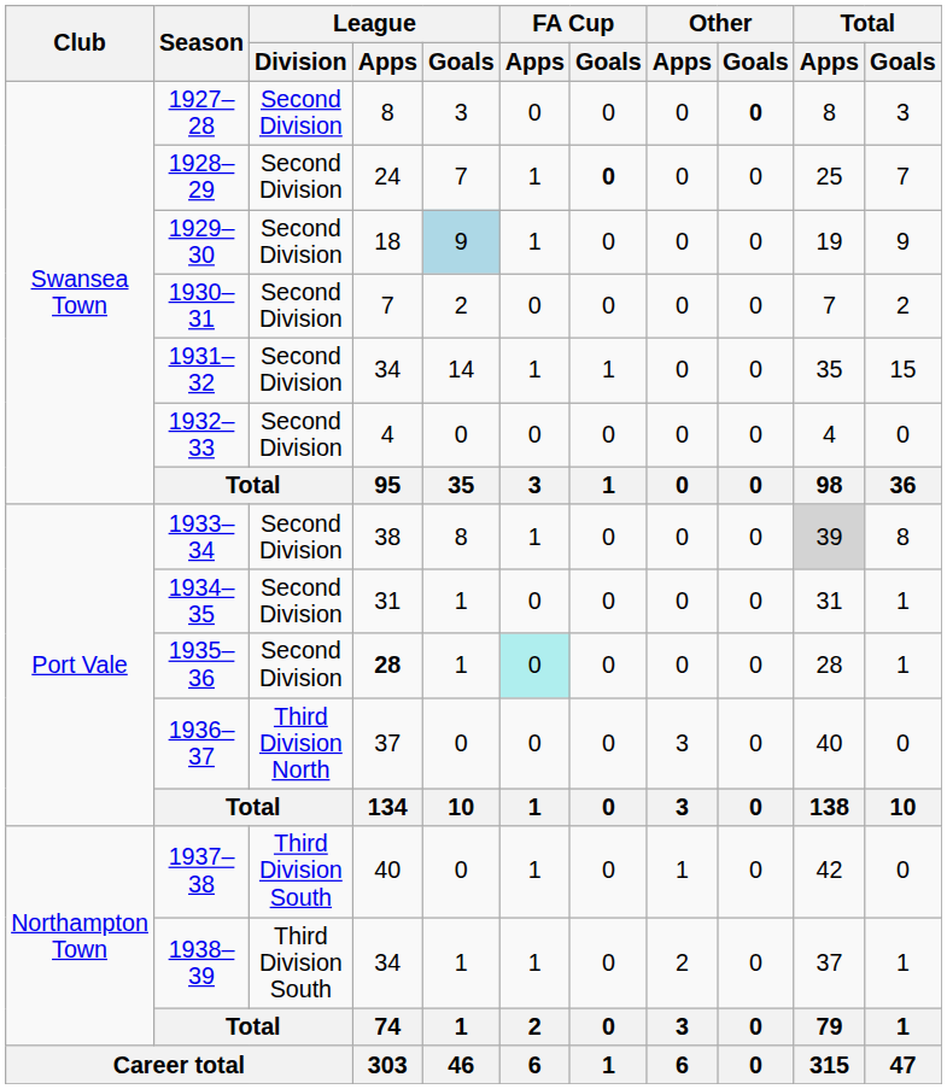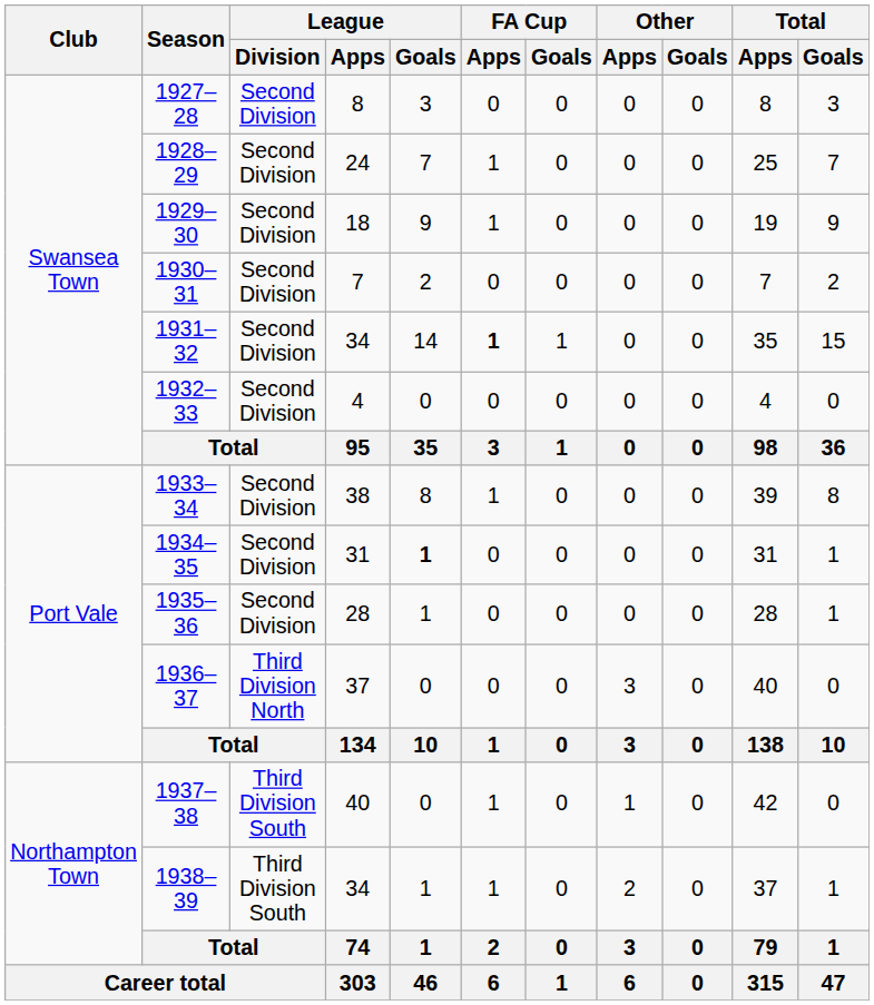 <table class="wikitable" style="text-align: center;">
 <tr>
 <th rowspan="2">Club</th>
 <th rowspan="2">Season</th>
 <th colspan="3">League</th>
 <th colspan="2">FA Cup</th>
 <th colspan="2">Other</th>
 <th colspan="2">Total</th>
 </tr>
 <tr>
 <th>Division</th>
 <th>Apps</th>
 <th>Goals</th>
 <th>Apps</th>
 <th>Goals</th>
 <th>Apps</th>
 <th>Goals</th>
 <th>Apps</th>
 <th>Goals</th>
 </tr>
 <tr>
 <td rowspan="7"><a href='#'>Swansea Town</a></td>
 <td><a href='#'>1927–28</a></td>
 <td><a href='#'>Second Division</a></td>
 <td>8</td>
 <td>3</td>
 <td>0</td>
 <td>0</td>
 <td>0</td>
-<td><strong>0</strong></td>
+<td>0</td>
 <td>8</td>
 <td>3</td>
 </tr>
 <tr>
 <td><a href='#'>1928–29</a></td>
 <td>Second Division</td>
 <td>24</td>
 <td>7</td>
 <td>1</td>
-<td><strong>0</strong></td>
+<td>0</td>
 <td>0</td>
 <td>0</td>
 <td>25</td>
 <td>7</td>
 </tr>
 <tr>
 <td><a href='#'>1929–30</a></td>
 <td>Second Division</td>
 <td>18</td>
-<td style="background: lightblue;">9</td>
+<td>9</td>
 <td>1</td>
 <td>0</td>
 <td>0</td>
 <td>0</td>
 <td>19</td>
 <td>9</td>
 </tr>
 <tr>
 <td><a href='#'>1930–31</a></td>
 <td>Second Division</td>
 <td>7</td>
 <td>2</td>
 <td>0</td>
 <td>0</td>
 <td>0</td>
 <td>0</td>
 <td>7</td>
 <td>2</td>
 </tr>
 <tr>
 <td><a href='#'>1931–32</a></td>
 <td>Second Division</td>
 <td>34</td>
 <td>14</td>
-<td>1</td>
+<td><strong>1</strong></td>
 <td>1</td>
 <td>0</td>
 <td>0</td>
 <td>35</td>
 <td>15</td>
 </tr>
 <tr>
 <td><a href='#'>1932–33</a></td>
 <td>Second Division</td>
 <td>4</td>
 <td>0</td>
 <td>0</td>
 <td>0</td>
 <td>0</td>
 <td>0</td>
 <td>4</td>
 <td>0</td>
 </tr>
 <tr>
 <th colspan="2">Total</th>
 <th>95</th>
 <th>35</th>
 <th>3</th>
 <th>1</th>
 <th>0</th>
 <th>0</th>
 <th>98</th>
 <th>36</th>
 </tr>
 <tr>
 <td rowspan="5"><a href='#'>Port Vale</a></td>
 <td><a href='#'>1933–34</a></td>
 <td>Second Division</td>
 <td>38</td>
 <td>8</td>
 <td>1</td>
 <td>0</td>
 <td>0</td>
 <td>0</td>
-<td style="background: lightgrey;">39</td>
+<td>39</td>
 <td>8</td>
 </tr>
 <tr>
 <td><a href='#'>1934–35</a></td>
 <td>Second Division</td>
 <td>31</td>
-<td>1</td>
+<td><strong>1</strong></td>
 <td>0</td>
 <td>0</td>
 <td>0</td>
 <td>0</td>
 <td>31</td>
 <td>1</td>
 </tr>
 <tr>
 <td><a href='#'>1935–36</a></td>
 <td>Second Division</td>
-<td><strong>28</strong></td>
+<td>28</td>
 <td>1</td>
-<td style="background: paleturquoise;">0</td>
+<td>0</td>
 <td>0</td>
 <td>0</td>
 <td>0</td>
 <td>28</td>
 <td>1</td>
 </tr>
 <tr>
 <td><a href='#'>1936–37</a></td>
 <td><a href='#'>Third Division North</a></td>
 <td>37</td>
 <td>0</td>
 <td>0</td>
 <td>0</td>
 <td>3</td>
 <td>0</td>
 <td>40</td>
 <td>0</td>
 </tr>
 <tr>
 <th colspan="2">Total</th>
 <th>134</th>
 <th>10</th>
 <th>1</th>
 <th>0</th>
 <th>3</th>
 <th>0</th>
 <th>138</th>
 <th>10</th>
 </tr>
 <tr>
 <td rowspan="3"><a href='#'>Northampton Town</a></td>
 <td><a href='#'>1937–38</a></td>
 <td><a href='#'>Third Division South</a></td>
 <td>40</td>
 <td>0</td>
 <td>1</td>
 <td>0</td>
 <td>1</td>
 <td>0</td>
 <td>42</td>
 <td>0</td>
 </tr>
 <tr>
 <td><a href='#'>1938–39</a></td>
 <td>Third Division South</td>
 <td>34</td>
 <td>1</td>
 <td>1</td>
 <td>0</td>
 <td>2</td>
 <td>0</td>
 <td>37</td>
 <td>1</td>
 </tr>
 <tr>
 <th colspan="2">Total</th>
 <th>74</th>
 <th>1</th>
 <th>2</th>
 <th>0</th>
 <th>3</th>
 <th>0</th>
 <th>79</th>
 <th>1</th>
 </tr>
 <tr>
 <th colspan="3">Career total</th>
 <th>303</th>
 <th>46</th>
 <th>6</th>
 <th>1</th>
 <th>6</th>
 <th>0</th>
 <th>315</th>
 <th>47</th>
 </tr>
 </table>
